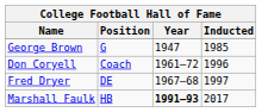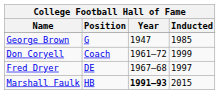 <table class="wikitable">
 <tr align="center">
 <th colspan=5>College Football Hall of Fame</th>
 </tr>
 <tr>
 <th>Name</th>
 <th>Position</th>
 <th>Year</th>
 <th>Inducted</th>
 </tr>
 <tr align="center" bgcolor="">
 </tr>
 <tr>
 <td><a href='#'>George Brown</a></td>
 <td><a href='#'>G</a></td>
 <td>1947</td>
 <td>1985</td>
 </tr>
 <tr>
 <td><a href='#'>Don Coryell</a></td>
 <td><a href='#'>Coach</a></td>
 <td>1961–72</td>
-<td>1996</td>
+<td>1999</td>
 </tr>
 <tr>
 <td><a href='#'>Fred Dryer</a></td>
 <td><a href='#'>DE</a></td>
 <td>1967–68</td>
 <td>1997</td>
 </tr>
 <tr>
 <td><a href='#'>Marshall Faulk</a></td>
 <td><a href='#'>HB</a></td>
 <td><strong>1991–93</strong></td>
-<td>2017</td>
+<td>2015</td>
 </tr>
 </table>
